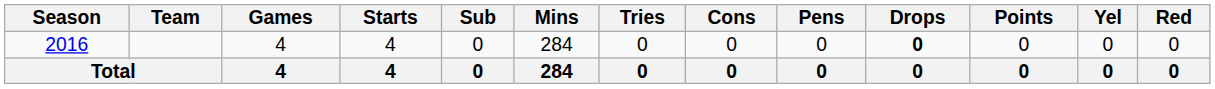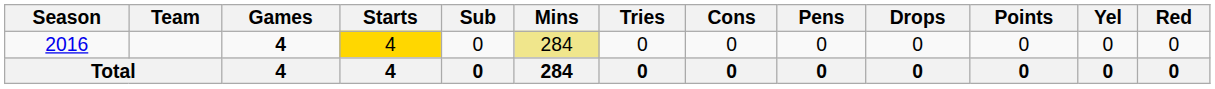 <table class="wikitable" style="text-align:center; line-height:90%; font-size:95%; width:60%;">
 <tr>
 <th>Season</th>
 <th>Team</th>
 <th>Games</th>
 <th>Starts</th>
 <th>Sub</th>
 <th>Mins</th>
 <th>Tries</th>
 <th>Cons</th>
 <th>Pens</th>
 <th>Drops</th>
 <th>Points</th>
 <th>Yel</th>
 <th>Red</th>
 </tr>
 <tr>
 <td><a href='#'>2016</a></td>
 <td></td>
-<td>4</td>
-<td>4</td>
+<td><strong>4</strong></td>
+<td style="background: gold;">4</td>
 <td>0</td>
-<td>284</td>
+<td style="background: khaki;">284</td>
 <td>0</td>
 <td>0</td>
 <td>0</td>
-<td><strong>0</strong></td>
+<td>0</td>
 <td>0</td>
 <td>0</td>
 <td>0</td>
 </tr>
 <tr>
 <th colspan="2">Total</th>
 <th>4</th>
 <th>4</th>
 <th>0</th>
 <th>284</th>
 <th>0</th>
 <th>0</th>
 <th>0</th>
 <th>0</th>
 <th>0</th>
 <th>0</th>
 <th>0</th>
 </tr>
 </table>
